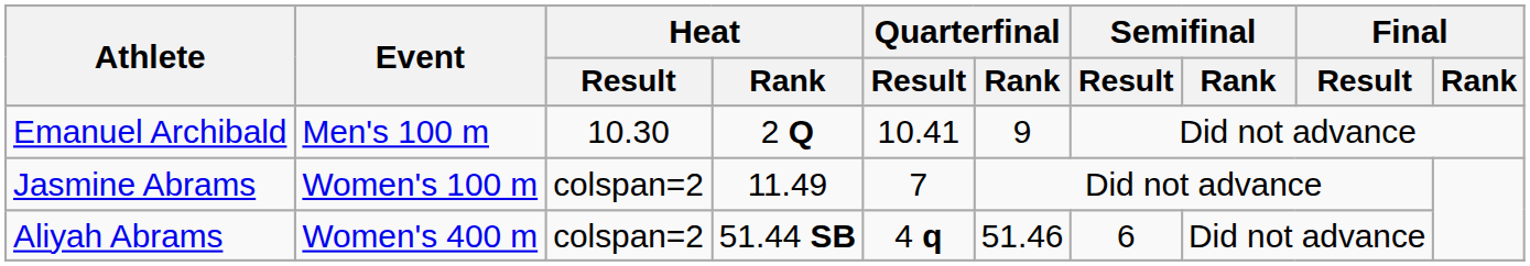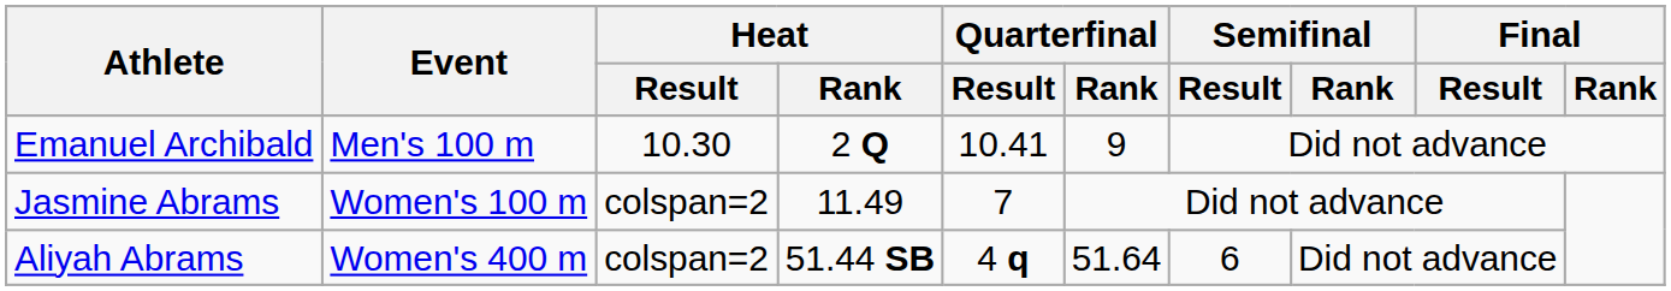 <table class="wikitable" style="font-size:90%">
 <tr>
 <th rowspan="2">Athlete</th>
 <th rowspan="2">Event</th>
 <th colspan="2">Heat</th>
 <th colspan="2">Quarterfinal</th>
 <th colspan="2">Semifinal</th>
 <th colspan="2">Final</th>
 </tr>
 <tr style="font-size:95%">
 <th>Result</th>
 <th>Rank</th>
 <th>Result</th>
 <th>Rank</th>
 <th>Result</th>
 <th>Rank</th>
 <th>Result</th>
 <th>Rank</th>
 </tr>
 <tr align=center>
 <td align=left><a href='#'>Emanuel Archibald</a></td>
 <td align=left><a href='#'>Men's 100 m</a></td>
 <td>10.30</td>
 <td>2 <strong>Q</strong></td>
 <td>10.41</td>
 <td>9</td>
 <td colspan=4>Did not advance</td>
 </tr>
 <tr align=center>
 <td align=left><a href='#'>Jasmine Abrams</a></td>
 <td align=left><a href='#'>Women's 100 m</a></td>
 <td>colspan=2 </td>
 <td>11.49</td>
 <td>7</td>
 <td colspan=4>Did not advance</td>
 </tr>
 <tr align=center>
 <td align=left><a href='#'>Aliyah Abrams</a></td>
 <td align=left><a href='#'>Women's 400 m</a></td>
 <td>colspan=2 </td>
 <td>51.44 <strong>SB</strong></td>
 <td>4 <strong>q</strong></td>
-<td>51.46</td>
+<td>51.64</td>
 <td>6</td>
 <td colspan=2>Did not advance</td>
 </tr>
 </table>
